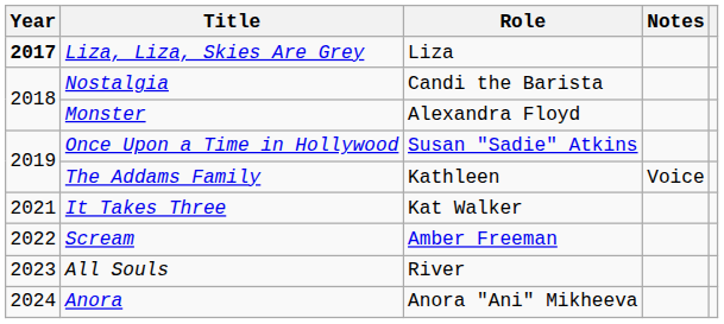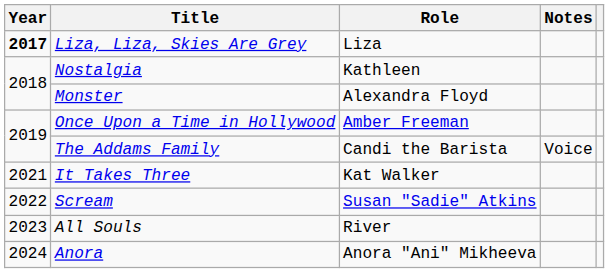 <table class="wikitable sortable">
 <tr>
 <th>Year</th>
 <th>Title</th>
 <th>Role</th>
 <th class="unsortable">Notes</th>
 <th class="unsortable"></th>
 </tr>
 <tr>
 <td><strong>2017</strong></td>
 <td><em><a href='#'>Liza, Liza, Skies Are Grey</a></em></td>
 <td>Liza</td>
 <td></td>
 <td style="text-align:center;"></td>
 </tr>
 <tr>
 <td rowspan="2">2018</td>
 <td><em><a href='#'>Nostalgia</a></em></td>
-<td>Candi the Barista</td>
+<td>Kathleen</td>
 <td></td>
 <td style="text-align:center;"></td>
 </tr>
 <tr>
 <td><em><a href='#'>Monster</a></em></td>
 <td>Alexandra Floyd</td>
 <td></td>
 <td style="text-align:center;"></td>
 </tr>
 <tr>
 <td rowspan="2">2019</td>
 <td><em><a href='#'>Once Upon a Time in Hollywood</a></em></td>
-<td><a href='#'>Susan "Sadie" Atkins</a></td>
+<td><a href='#'>Amber Freeman</a></td>
 <td></td>
 <td style="text-align:center;"></td>
 </tr>
 <tr>
 <td><em><a href='#'>The Addams Family</a></em></td>
-<td>Kathleen</td>
+<td>Candi the Barista</td>
 <td>Voice</td>
 <td style="text-align:center;"></td>
 </tr>
 <tr>
 <td>2021</td>
 <td><em><a href='#'>It Takes Three</a></em></td>
 <td>Kat Walker</td>
 <td></td>
 <td style="text-align:center;"></td>
 </tr>
 <tr>
 <td>2022</td>
 <td><em><a href='#'>Scream</a></em></td>
-<td><a href='#'>Amber Freeman</a></td>
+<td><a href='#'>Susan "Sadie" Atkins</a></td>
 <td></td>
 <td style="text-align:center;"></td>
 </tr>
 <tr>
 <td>2023</td>
 <td><em>All Souls</em></td>
 <td>River</td>
 <td></td>
 <td style="text-align:center;"></td>
 </tr>
 <tr>
 <td>2024</td>
 <td><em><a href='#'>Anora</a></em></td>
 <td>Anora "Ani" Mikheeva</td>
 <td></td>
 <td style="text-align:center;"></td>
 </tr>
 </table>
